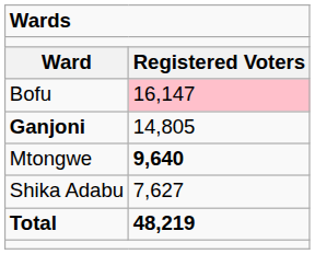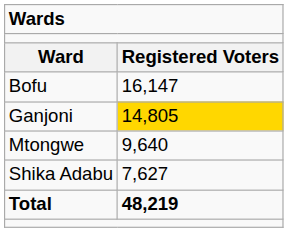 <table class="wikitable">
 <tr>
 <td colspan="2"><strong>Wards</strong></td>
 </tr>
 <tr>
 <td colspan="2"></td>
 </tr>
 <tr>
 <th>Ward</th>
 <th>Registered Voters</th>
 </tr>
 <tr>
 <td>Bofu</td>
-<td style="background: pink;">16,147</td>
+<td>16,147</td>
 </tr>
 <tr>
-<td><strong>Ganjoni</strong></td>
-<td>14,805</td>
+<td>Ganjoni</td>
+<td style="background: gold;">14,805</td>
 </tr>
 <tr>
 <td>Mtongwe</td>
-<td><strong>9,640</strong></td>
+<td>9,640</td>
 </tr>
 <tr>
 <td>Shika Adabu</td>
 <td>7,627</td>
 </tr>
 <tr>
 <td><strong>Total</strong></td>
 <td><strong>48,219</strong></td>
 </tr>
 <tr>
 <td colspan="2"></td>
 </tr>
 </table>
